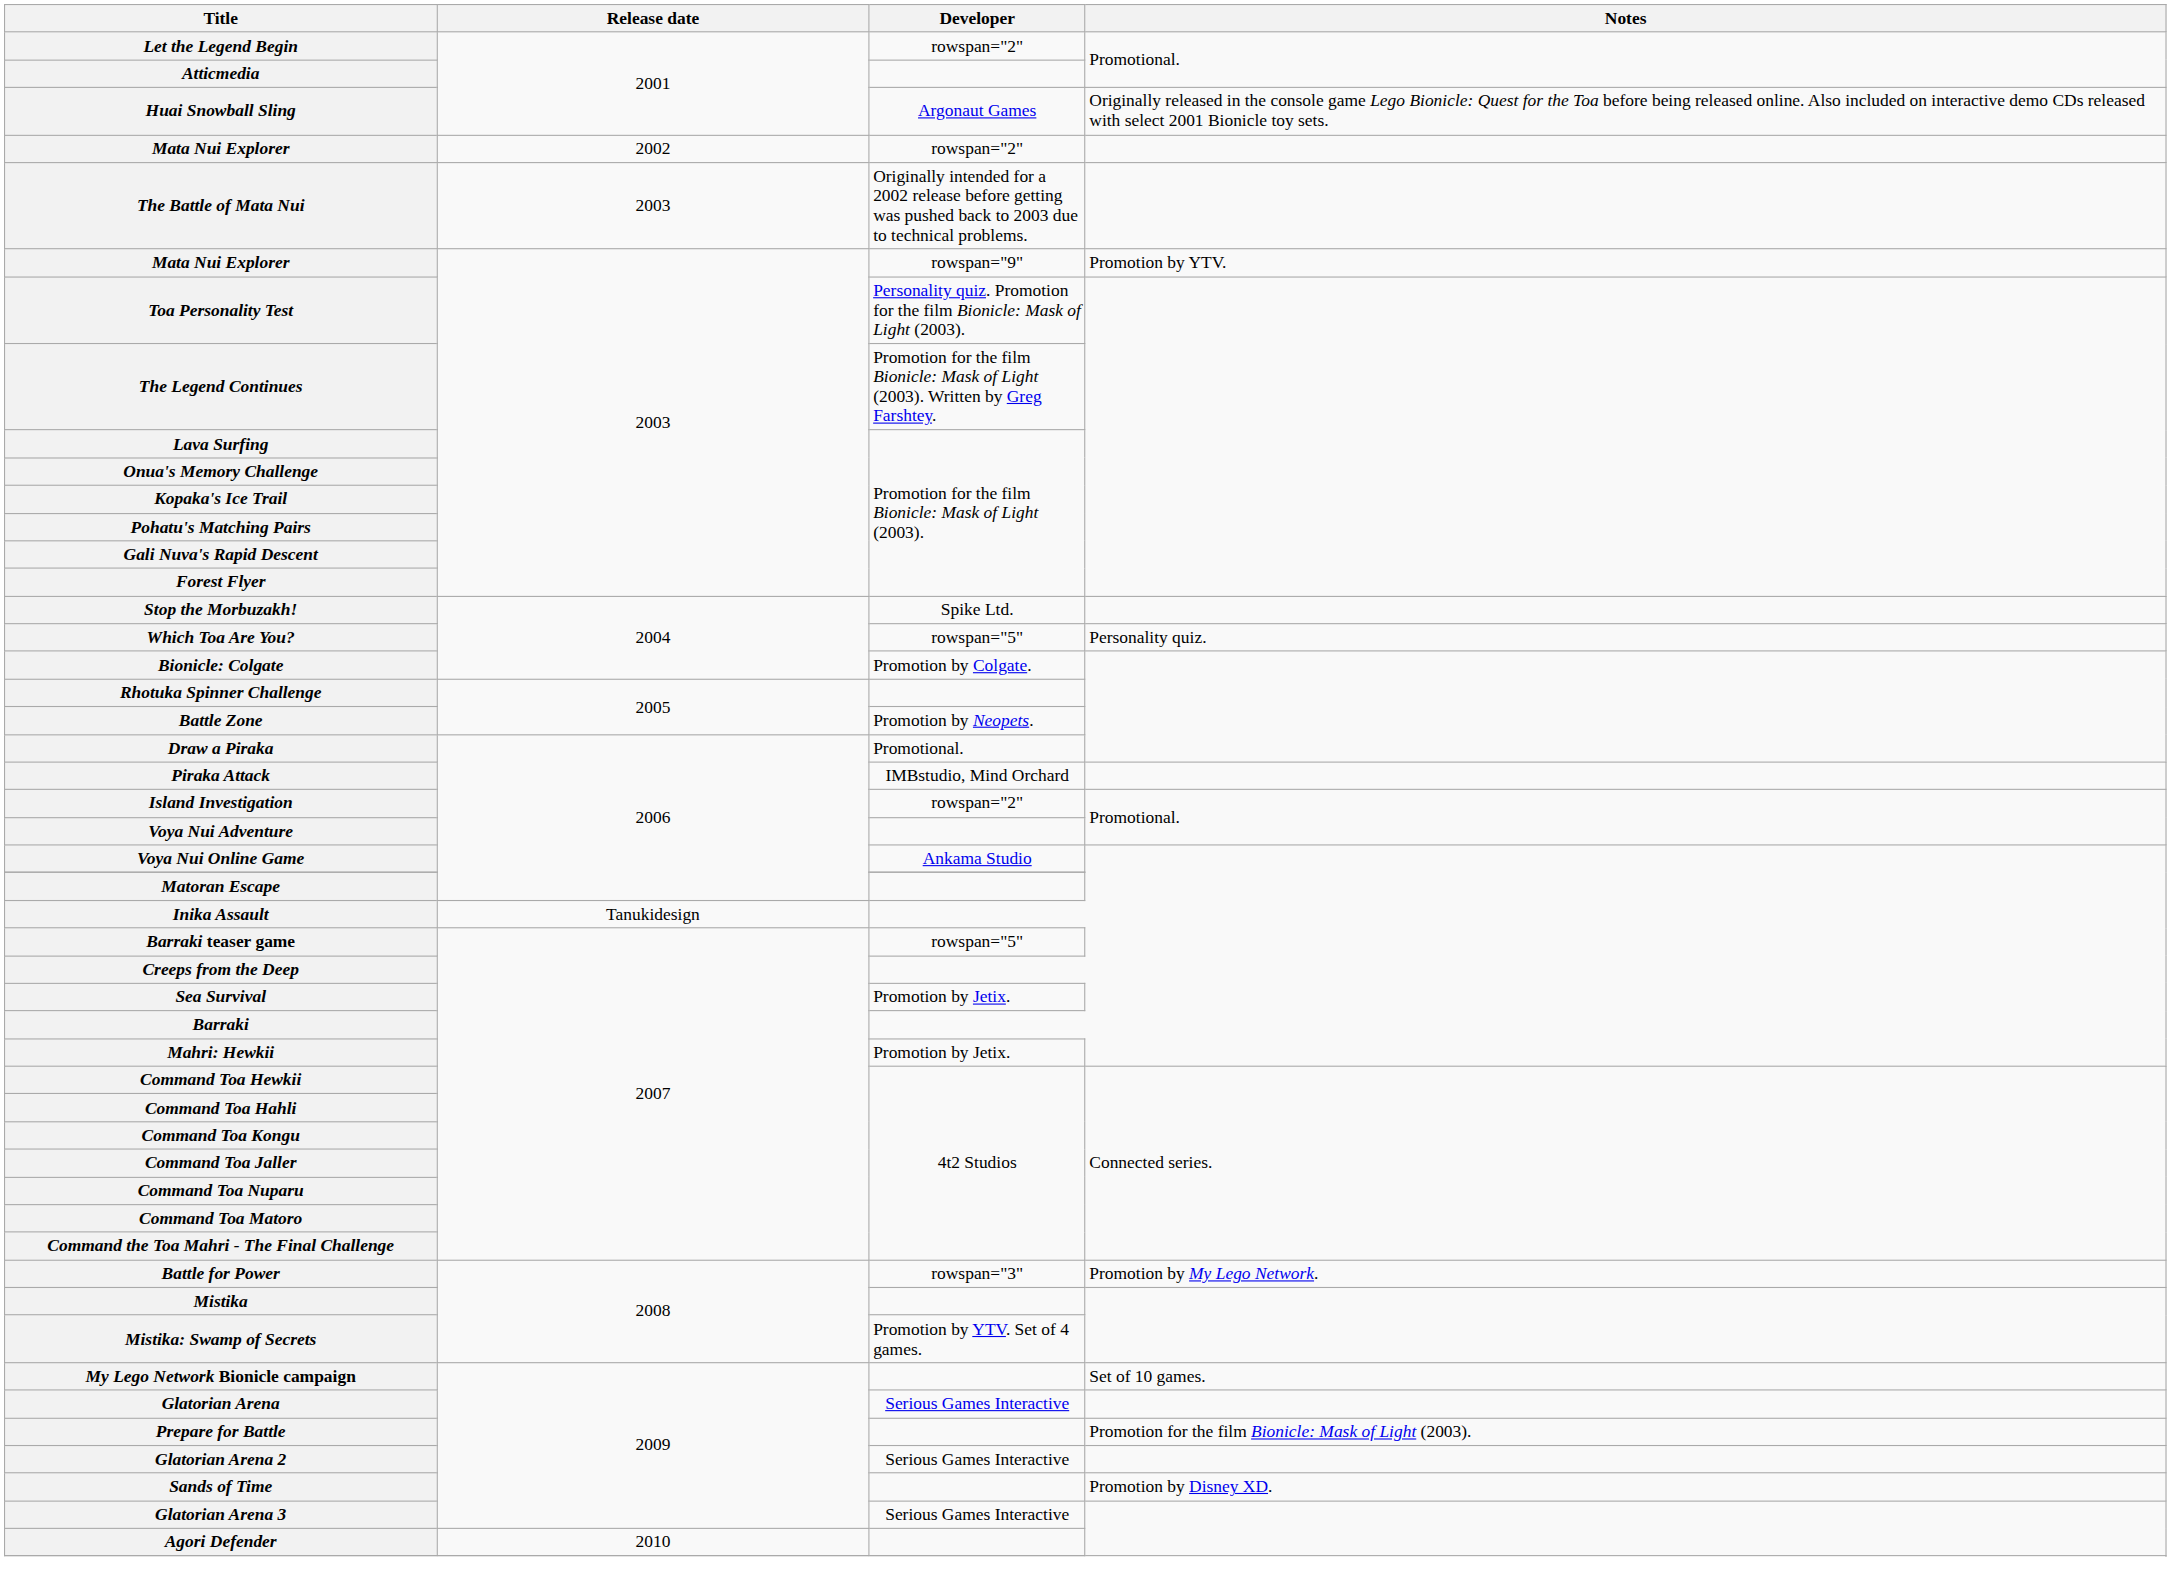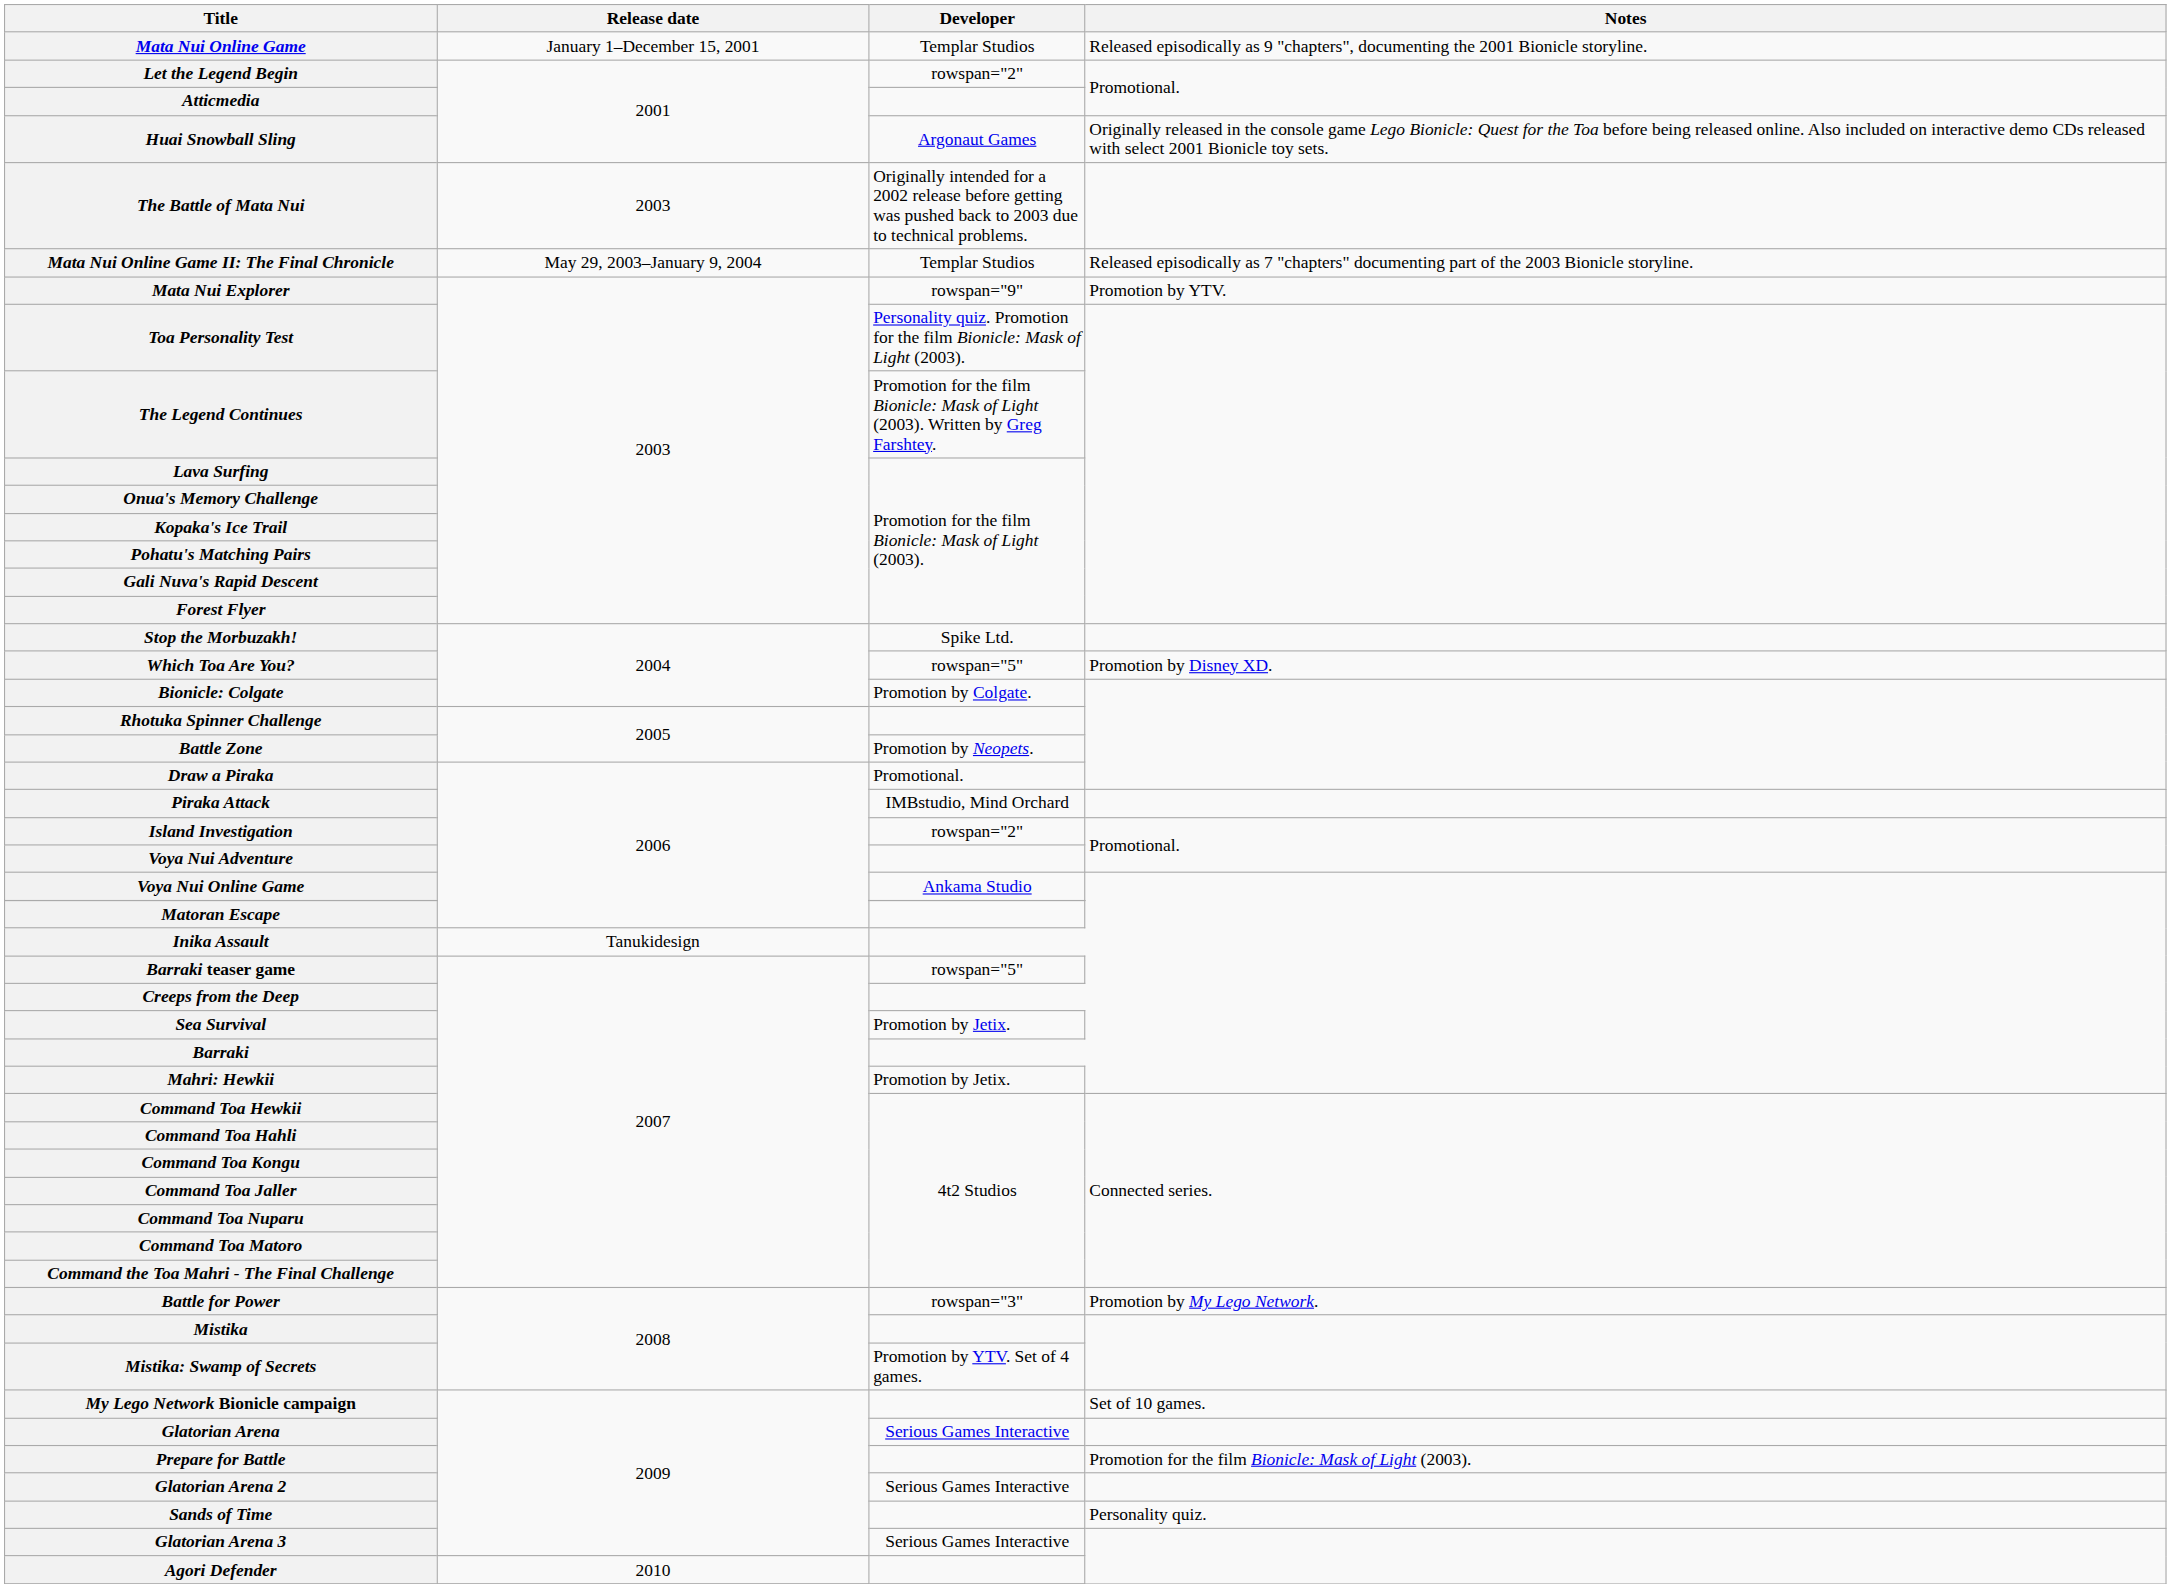 <table class="wikitable plainrowheaders" style="text-align: center; width: 100%;">
 <tr>
 <th style="width:20%;">Title</th>
 <th style="width:20%;">Release date</th>
 <th style="width:10%;">Developer</th>
 <th style="width:50%;">Notes</th>
+</tr>
+<tr>
+<th scope="row"><em><a href='#'>Mata Nui Online Game</a></em></th>
+<td>January 1–December 15, 2001</td>
+<td>Templar Studios</td>
+<td style="text-align: left;">Released episodically as 9 "chapters", documenting the 2001 Bionicle storyline.</td>
 </tr>
 <tr>
 <th scope="row"><em>Let the Legend Begin</em></th>
 <td rowspan="3">2001</td>
 <td>rowspan="2" </td>
 <td rowspan="2" style="text-align: left;">Promotional.</td>
 </tr>
 <tr>
 <th scope="row"><em>Atticmedia</em></th>
 </tr>
 <tr>
 <th scope="row"><em>Huai Snowball Sling</em></th>
 <td><a href='#'>Argonaut Games</a></td>
 <td style="text-align: left;">Originally released in the console game <em>Lego Bionicle: Quest for the Toa</em> before being released online. Also included on interactive demo CDs released with select 2001 Bionicle toy sets.</td>
 </tr>
 <tr>
-<th scope="row"><em>Mata Nui Explorer</em> </th>
-<td>2002</td>
-<td>rowspan="2" </td>
-<td></td>
-</tr>
-<tr>
 <th scope="row"><em>The Battle of Mata Nui</em></th>
 <td>2003</td>
 <td style="text-align: left;">Originally intended for a 2002 release before getting was pushed back to 2003 due to technical problems.</td>
+</tr>
+<tr>
+<th scope="row"><em>Mata Nui Online Game II: The Final Chronicle</em></th>
+<td>May 29, 2003–January 9, 2004</td>
+<td>Templar Studios</td>
+<td style="text-align: left;">Released episodically as 7 "chapters" documenting part of the 2003 Bionicle storyline.</td>
 </tr>
 <tr>
 <th scope="row"><em>Mata Nui Explorer</em> </th>
 <td rowspan="9">2003</td>
 <td>rowspan="9" </td>
 <td style="text-align: left;">Promotion by YTV.</td>
 </tr>
 <tr>
 <th scope="row"><em>Toa Personality Test</em></th>
 <td style="text-align: left;"><a href='#'>Personality quiz</a>. Promotion for the film <em>Bionicle: Mask of Light</em> (2003).</td>
 </tr>
 <tr>
 <th scope="row"><em>The Legend Continues</em></th>
 <td style="text-align: left;">Promotion for the film <em>Bionicle: Mask of Light</em> (2003). Written by <a href='#'>Greg Farshtey</a>.</td>
 </tr>
 <tr>
 <th scope="row"><em>Lava Surfing</em></th>
 <td rowspan="6" style="text-align: left;">Promotion for the film <em>Bionicle: Mask of Light</em> (2003).</td>
 </tr>
 <tr>
 <th scope="row"><em>Onua's Memory Challenge</em></th>
 </tr>
 <tr>
 <th scope="row"><em>Kopaka's Ice Trail </em></th>
 </tr>
 <tr>
 <th scope="row"><em>Pohatu's Matching Pairs</em></th>
 </tr>
 <tr>
 <th scope="row"><em>Gali Nuva's Rapid Descent</em></th>
 </tr>
 <tr>
 <th scope="row"><em>Forest Flyer</em></th>
 </tr>
 <tr>
 <th scope="row"><em>Stop the Morbuzakh!</em></th>
 <td rowspan="3">2004</td>
 <td>Spike Ltd.</td>
 <td></td>
 </tr>
 <tr>
 <th scope="row"><em>Which Toa Are You?</em></th>
 <td>rowspan="5" </td>
-<td style="text-align: left;">Personality quiz.</td>
+<td style="text-align: left;">Promotion by <a href='#'>Disney XD</a>.</td>
 </tr>
 <tr>
 <th scope="row"><em>Bionicle: Colgate</em></th>
 <td style="text-align: left;">Promotion by <a href='#'>Colgate</a>.</td>
 </tr>
 <tr>
 <th scope="row"><em>Rhotuka Spinner Challenge </em></th>
 <td rowspan="2">2005</td>
 <td></td>
 </tr>
 <tr>
 <th scope="row"><em>Battle Zone</em></th>
 <td style="text-align: left;">Promotion by <em><a href='#'>Neopets</a></em>.</td>
 </tr>
 <tr>
 <th scope="row"><em>Draw a Piraka</em></th>
 <td rowspan="7">2006</td>
 <td style="text-align: left;">Promotional.</td>
 </tr>
 <tr>
 <th scope="row"><em>Piraka Attack</em></th>
 <td>IMBstudio, Mind Orchard</td>
 <td></td>
 </tr>
 <tr>
 <th scope="row"><em>Island Investigation</em></th>
 <td>rowspan="2" </td>
 <td rowspan="2" style="text-align: left;">Promotional.</td>
 </tr>
 <tr>
 <th scope="row"><em>Voya Nui Adventure</em></th>
 </tr>
 <tr>
 <th scope="row"><em>Voya Nui Online Game</em></th>
 <td><a href='#'>Ankama Studio</a></td>
 </tr>
 <tr>
 </tr>
 <tr>
 <th scope="row"><em>Matoran Escape</em></th>
 <td></td>
 </tr>
 <tr>
 <th scope="row"><em>Inika Assault</em></th>
 <td>Tanukidesign</td>
 </tr>
 <tr>
 <th scope="row"><em>Barraki</em> teaser game</th>
 <td rowspan="12">2007</td>
 <td>rowspan="5" </td>
 </tr>
 <tr>
 <th scope="row"><em>Creeps from the Deep</em></th>
 </tr>
 <tr>
 <th scope="row"><em>Sea Survival</em></th>
 <td style="text-align: left;">Promotion by <a href='#'>Jetix</a>.</td>
 </tr>
 <tr>
 <th scope="row"><em>Barraki</em></th>
 </tr>
 <tr>
 <th scope="row"><em>Mahri: Hewkii</em></th>
 <td style="text-align: left;">Promotion by Jetix.</td>
 </tr>
 <tr>
 <th scope="row"><em>Command Toa Hewkii</em></th>
 <td rowspan="7">4t2 Studios</td>
 <td rowspan="7" style="text-align: left;">Connected series.</td>
 </tr>
 <tr>
 <th scope="row"><em>Command Toa Hahli</em></th>
 </tr>
 <tr>
 <th scope="row"><em>Command Toa Kongu</em></th>
 </tr>
 <tr>
 <th scope="row"><em>Command Toa Jaller</em></th>
 </tr>
 <tr>
 <th scope="row"><em>Command Toa Nuparu</em></th>
 </tr>
 <tr>
 <th scope="row"><em>Command Toa Matoro</em></th>
 </tr>
 <tr>
 <th scope="row"><em>Command the Toa Mahri - The Final Challenge</em></th>
 </tr>
 <tr>
 <th scope="row"><em>Battle for Power</em></th>
 <td rowspan="3">2008</td>
 <td>rowspan="3" </td>
 <td style="text-align: left;">Promotion by <em><a href='#'>My Lego Network</a></em>.</td>
 </tr>
 <tr>
 <th scope="row"><em>Mistika</em></th>
 <td></td>
 </tr>
 <tr>
 <th scope="row"><em>Mistika: Swamp of Secrets</em></th>
 <td style="text-align: left;">Promotion by <a href='#'>YTV</a>. Set of 4 games.</td>
 </tr>
 <tr>
 <th scope="row"><em>My Lego Network</em> Bionicle campaign</th>
 <td rowspan="6">2009</td>
 <td></td>
 <td style="text-align: left;">Set of 10 games.</td>
 </tr>
 <tr>
 <th scope="row"><em>Glatorian Arena</em></th>
 <td><a href='#'>Serious Games Interactive</a></td>
 <td></td>
 </tr>
 <tr>
 <th scope="row"><em>Prepare for Battle</em></th>
 <td></td>
 <td style="text-align: left;">Promotion for the film <em><a href='#'>Bionicle: Mask of Light</a></em> (2003).</td>
 </tr>
 <tr>
 <th scope="row"><em>Glatorian Arena 2</em></th>
 <td>Serious Games Interactive</td>
 </tr>
 <tr>
 <th scope="row"><em>Sands of Time</em></th>
 <td></td>
-<td style="text-align: left;">Promotion by <a href='#'>Disney XD</a>.</td>
+<td style="text-align: left;">Personality quiz.</td>
 </tr>
 <tr>
 <th scope="row"><em>Glatorian Arena 3</em></th>
 <td>Serious Games Interactive</td>
 </tr>
 <tr>
 <th scope="row"><em>Agori Defender</em></th>
 <td>2010</td>
 <td></td>
 </tr>
 <tr>
 </tr>
 </table>
